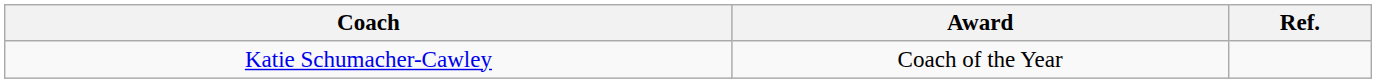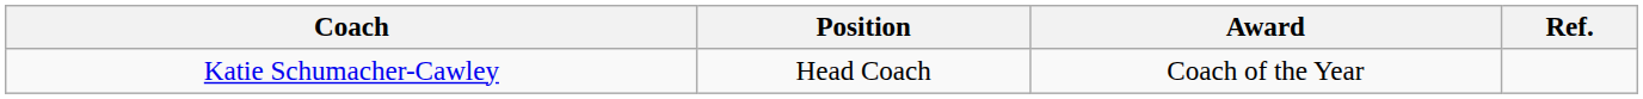 <table class="wikitable" style="width: 60%;text-align: center;">
 <tr>
 <th>Coach</th>
+<th>Position</th>
 <th>Award</th>
 <th>Ref.</th>
 </tr>
 <tr align="center">
 <td><a href='#'>Katie Schumacher-Cawley</a></td>
+<td>Head Coach</td>
 <td rowspan="1">Coach of the Year</td>
 <td rowspan="1"></td>
 </tr>
 </table>
